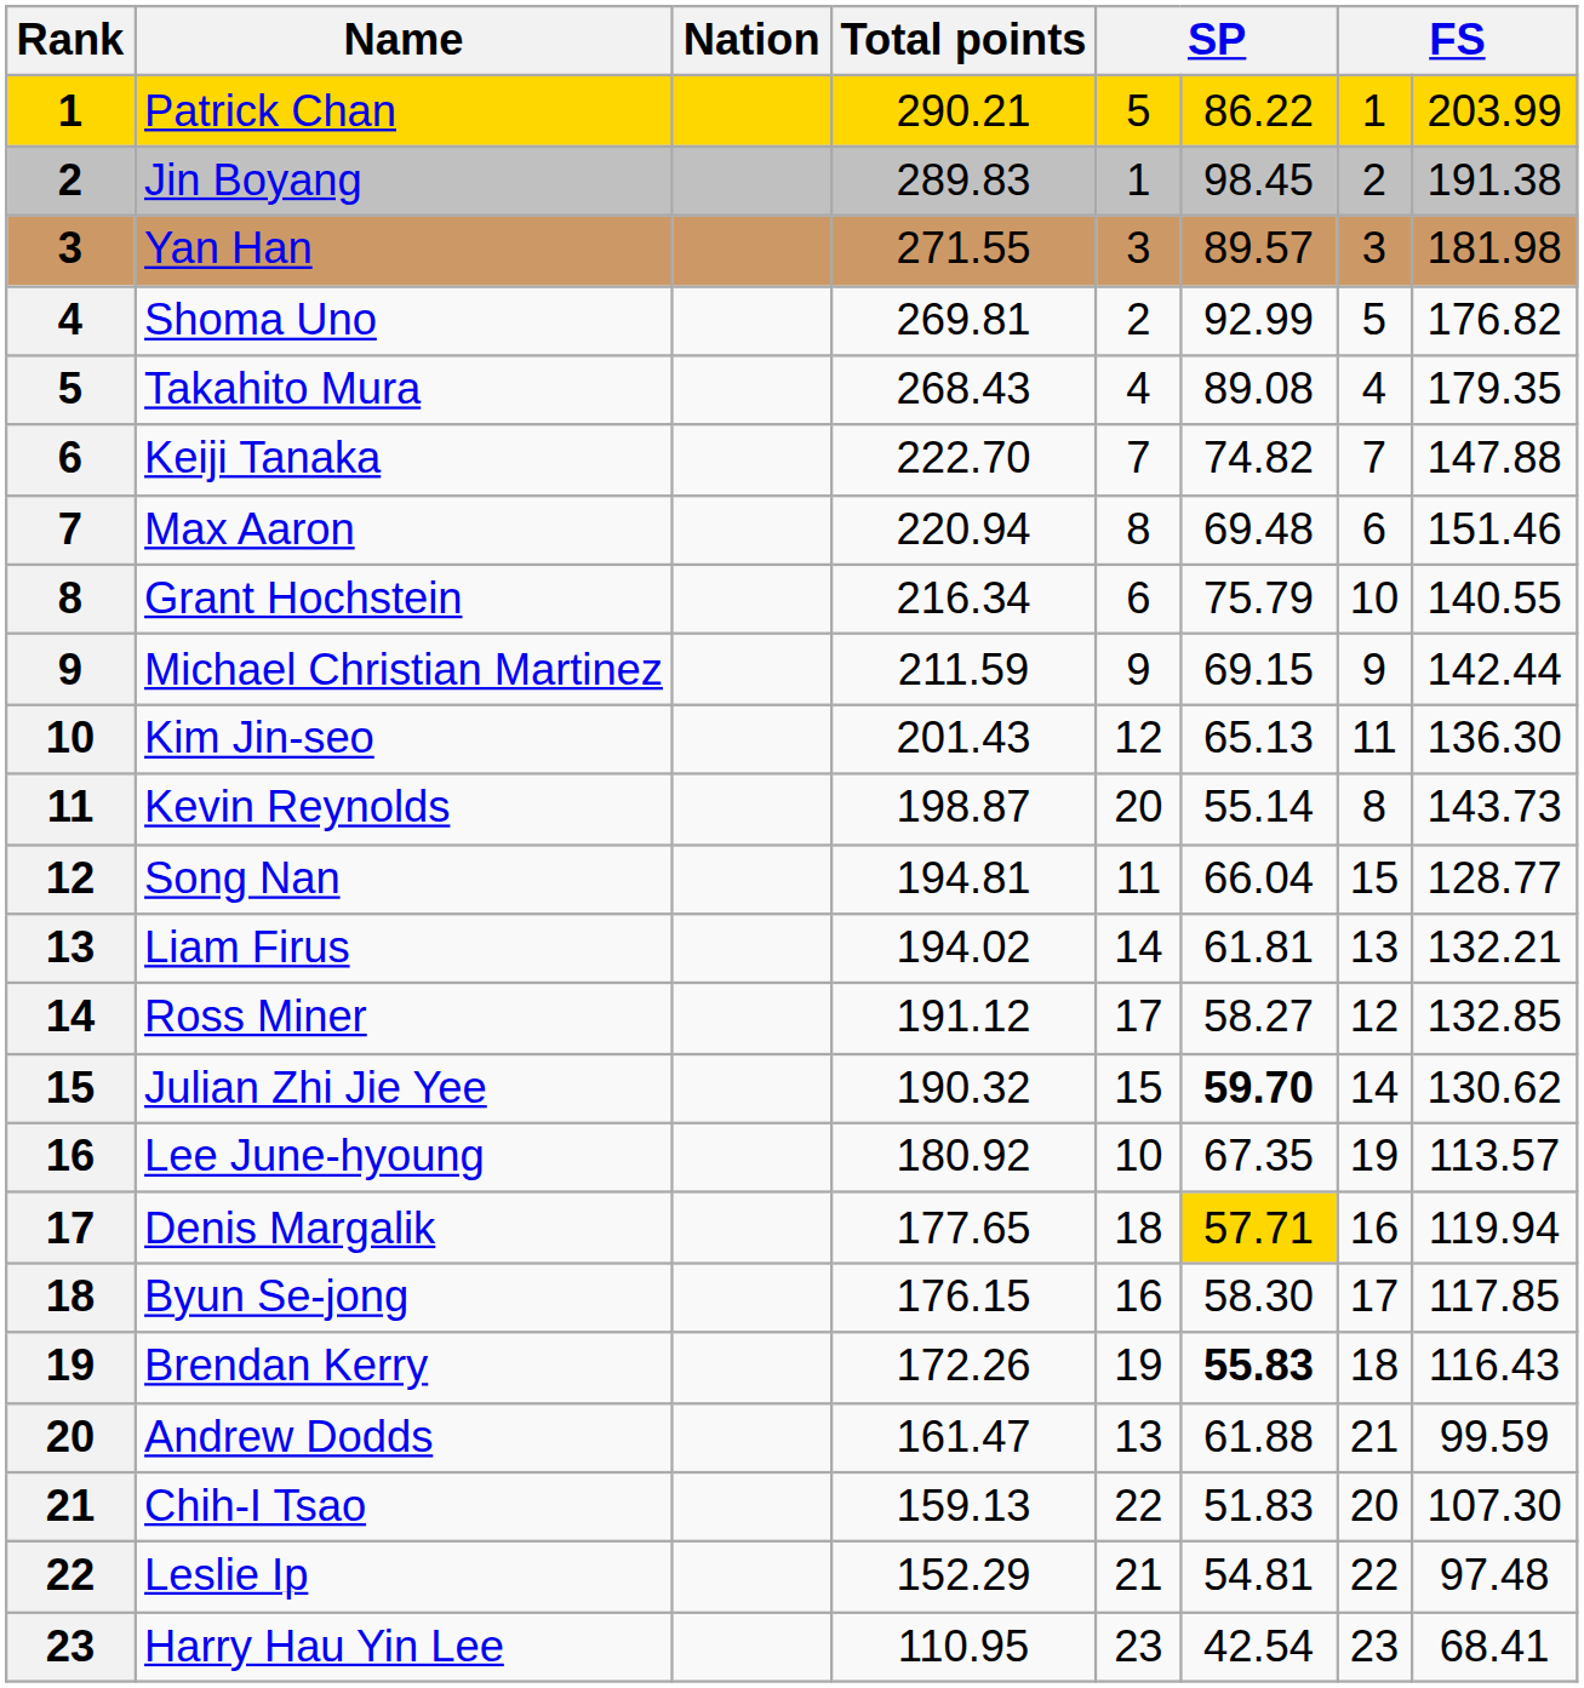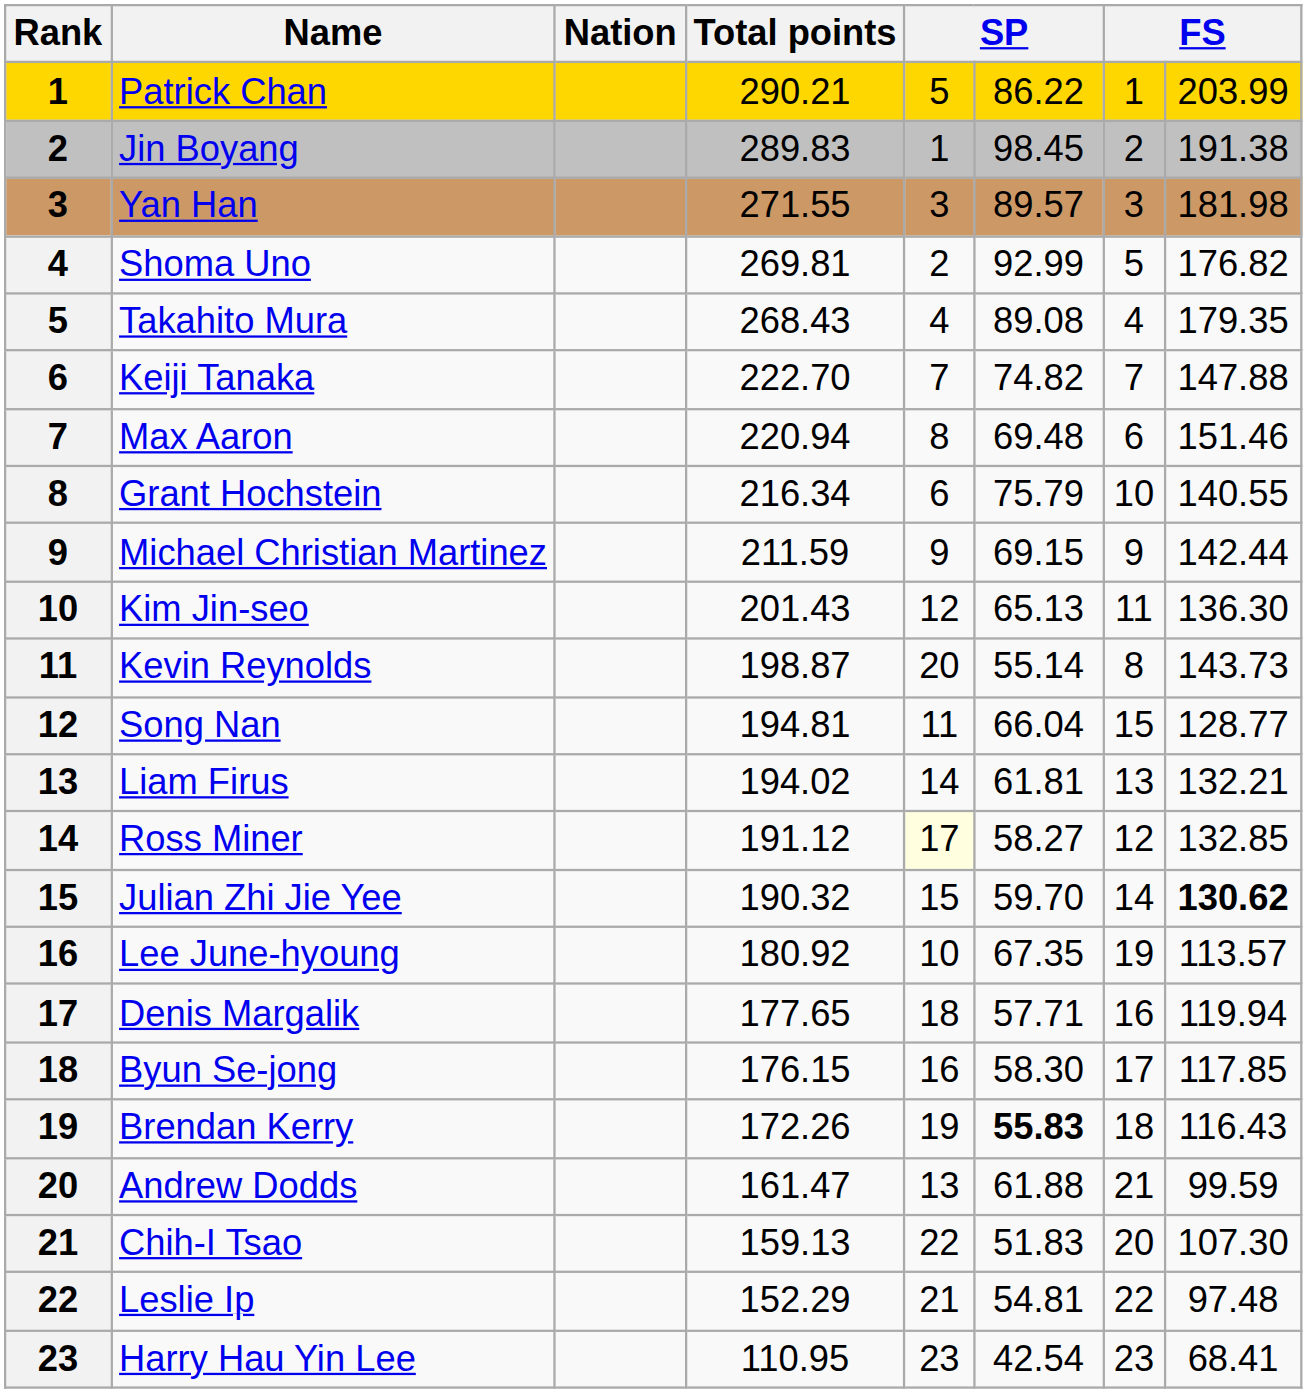 <table class="wikitable sortable">
 <tr>
 <th>Rank</th>
 <th>Name</th>
 <th>Nation</th>
 <th>Total points</th>
 <th colspan="2" width="80px"><a href='#'>SP</a></th>
 <th colspan="2" width="80px"><a href='#'>FS</a></th>
 </tr>
 <tr bgcolor="gold">
 <td align="center"><strong>1</strong></td>
 <td><a href='#'>Patrick Chan</a></td>
 <td></td>
 <td align="center">290.21</td>
 <td align="center">5</td>
 <td align="center">86.22</td>
 <td align="center">1</td>
 <td align="center">203.99</td>
 </tr>
 <tr bgcolor="silver">
 <td align="center"><strong>2</strong></td>
 <td><a href='#'>Jin Boyang</a></td>
 <td></td>
 <td align="center">289.83</td>
 <td align="center">1</td>
 <td align="center">98.45</td>
 <td align="center">2</td>
 <td align="center">191.38</td>
 </tr>
 <tr bgcolor="#cc9966">
 <td align="center"><strong>3</strong></td>
 <td><a href='#'>Yan Han</a></td>
 <td></td>
 <td align="center">271.55</td>
 <td align="center">3</td>
 <td align="center">89.57</td>
 <td align="center">3</td>
 <td align="center">181.98</td>
 </tr>
 <tr>
 <th>4</th>
 <td><a href='#'>Shoma Uno</a></td>
 <td></td>
 <td align="center">269.81</td>
 <td align="center">2</td>
 <td align="center">92.99</td>
 <td align="center">5</td>
 <td align="center">176.82</td>
 </tr>
 <tr>
 <th>5</th>
 <td><a href='#'>Takahito Mura</a></td>
 <td></td>
 <td align="center">268.43</td>
 <td align="center">4</td>
 <td align="center">89.08</td>
 <td align="center">4</td>
 <td align="center">179.35</td>
 </tr>
 <tr>
 <th>6</th>
 <td><a href='#'>Keiji Tanaka</a></td>
 <td></td>
 <td align="center">222.70</td>
 <td align="center">7</td>
 <td align="center">74.82</td>
 <td align="center">7</td>
 <td align="center">147.88</td>
 </tr>
 <tr>
 <th>7</th>
 <td><a href='#'>Max Aaron</a></td>
 <td></td>
 <td align="center">220.94</td>
 <td align="center">8</td>
 <td align="center">69.48</td>
 <td align="center">6</td>
 <td align="center">151.46</td>
 </tr>
 <tr>
 <th>8</th>
 <td><a href='#'>Grant Hochstein</a></td>
 <td></td>
 <td align="center">216.34</td>
 <td align="center">6</td>
 <td align="center">75.79</td>
 <td align="center">10</td>
 <td align="center">140.55</td>
 </tr>
 <tr>
 <th>9</th>
 <td><a href='#'>Michael Christian Martinez</a></td>
 <td></td>
 <td align="center">211.59</td>
 <td align="center">9</td>
 <td align="center">69.15</td>
 <td align="center">9</td>
 <td align="center">142.44</td>
 </tr>
 <tr>
 <th>10</th>
 <td><a href='#'>Kim Jin-seo</a></td>
 <td></td>
 <td align="center">201.43</td>
 <td align="center">12</td>
 <td align="center">65.13</td>
 <td align="center">11</td>
 <td align="center">136.30</td>
 </tr>
 <tr>
 <th>11</th>
 <td><a href='#'>Kevin Reynolds</a></td>
 <td></td>
 <td align="center">198.87</td>
 <td align="center">20</td>
 <td align="center">55.14</td>
 <td align="center">8</td>
 <td align="center">143.73</td>
 </tr>
 <tr>
 <th>12</th>
 <td><a href='#'>Song Nan</a></td>
 <td></td>
 <td align="center">194.81</td>
 <td align="center">11</td>
 <td align="center">66.04</td>
 <td align="center">15</td>
 <td align="center">128.77</td>
 </tr>
 <tr>
 <th>13</th>
 <td><a href='#'>Liam Firus</a></td>
 <td></td>
 <td align="center">194.02</td>
 <td align="center">14</td>
 <td align="center">61.81</td>
 <td align="center">13</td>
 <td align="center">132.21</td>
 </tr>
 <tr>
 <th>14</th>
 <td><a href='#'>Ross Miner</a></td>
 <td></td>
 <td align="center">191.12</td>
-<td align="center">17</td>
+<td align="center" style="background: lightyellow;">17</td>
 <td align="center">58.27</td>
 <td align="center">12</td>
 <td align="center">132.85</td>
 </tr>
 <tr>
 <th>15</th>
 <td><a href='#'>Julian Zhi Jie Yee</a></td>
 <td></td>
 <td align="center">190.32</td>
 <td align="center">15</td>
-<td align="center"><strong>59.70</strong></td>
+<td align="center">59.70</td>
 <td align="center">14</td>
-<td align="center">130.62</td>
+<td align="center"><strong>130.62</strong></td>
 </tr>
 <tr>
 <th>16</th>
 <td><a href='#'>Lee June-hyoung</a></td>
 <td></td>
 <td align="center">180.92</td>
 <td align="center">10</td>
 <td align="center">67.35</td>
 <td align="center">19</td>
 <td align="center">113.57</td>
 </tr>
 <tr>
 <th>17</th>
 <td><a href='#'>Denis Margalik</a></td>
 <td></td>
 <td align="center">177.65</td>
 <td align="center">18</td>
-<td align="center" style="background: gold;">57.71</td>
+<td align="center">57.71</td>
 <td align="center">16</td>
 <td align="center">119.94</td>
 </tr>
 <tr>
 <th>18</th>
 <td><a href='#'>Byun Se-jong</a></td>
 <td></td>
 <td align="center">176.15</td>
 <td align="center">16</td>
 <td align="center">58.30</td>
 <td align="center">17</td>
 <td align="center">117.85</td>
 </tr>
 <tr>
 <th>19</th>
 <td><a href='#'>Brendan Kerry</a></td>
 <td></td>
 <td align="center">172.26</td>
 <td align="center">19</td>
 <td align="center"><strong>55.83</strong></td>
 <td align="center">18</td>
 <td align="center">116.43</td>
 </tr>
 <tr>
 <th>20</th>
 <td><a href='#'>Andrew Dodds</a></td>
 <td></td>
 <td align="center">161.47</td>
 <td align="center">13</td>
 <td align="center">61.88</td>
 <td align="center">21</td>
 <td align="center">99.59</td>
 </tr>
 <tr>
 <th>21</th>
 <td><a href='#'>Chih-I Tsao</a></td>
 <td></td>
 <td align="center">159.13</td>
 <td align="center">22</td>
 <td align="center">51.83</td>
 <td align="center">20</td>
 <td align="center">107.30</td>
 </tr>
 <tr>
 <th>22</th>
 <td><a href='#'>Leslie Ip</a></td>
 <td></td>
 <td align="center">152.29</td>
 <td align="center">21</td>
 <td align="center">54.81</td>
 <td align="center">22</td>
 <td align="center">97.48</td>
 </tr>
 <tr>
 <th>23</th>
 <td><a href='#'>Harry Hau Yin Lee</a></td>
 <td></td>
 <td align="center">110.95</td>
 <td align="center">23</td>
 <td align="center">42.54</td>
 <td align="center">23</td>
 <td align="center">68.41</td>
 </tr>
 </table>
